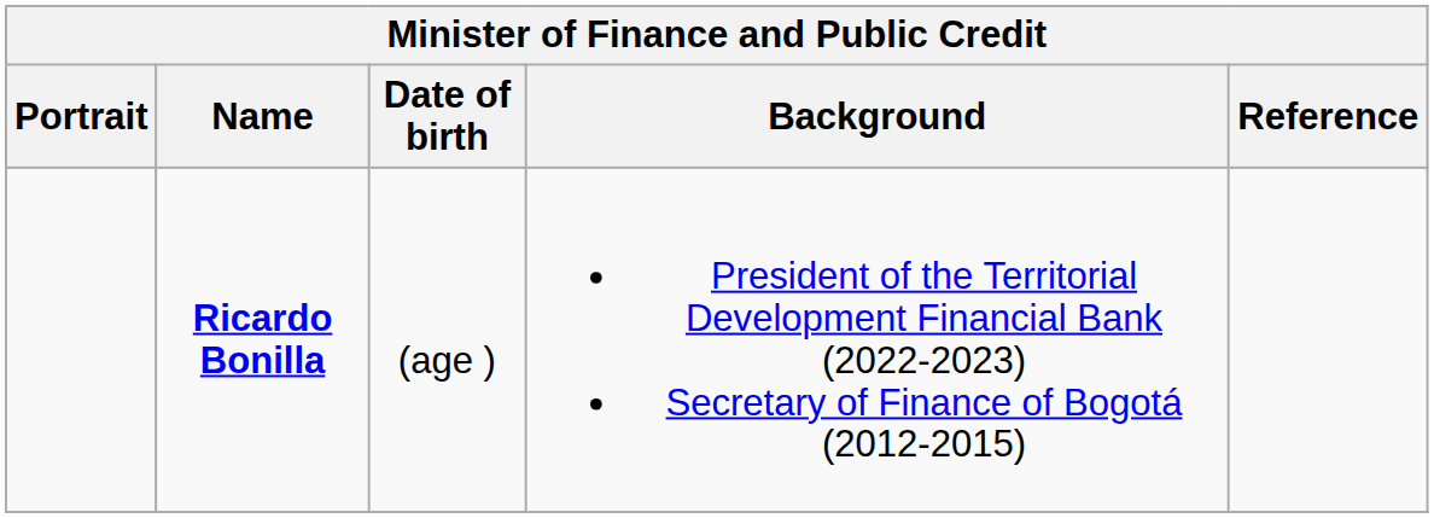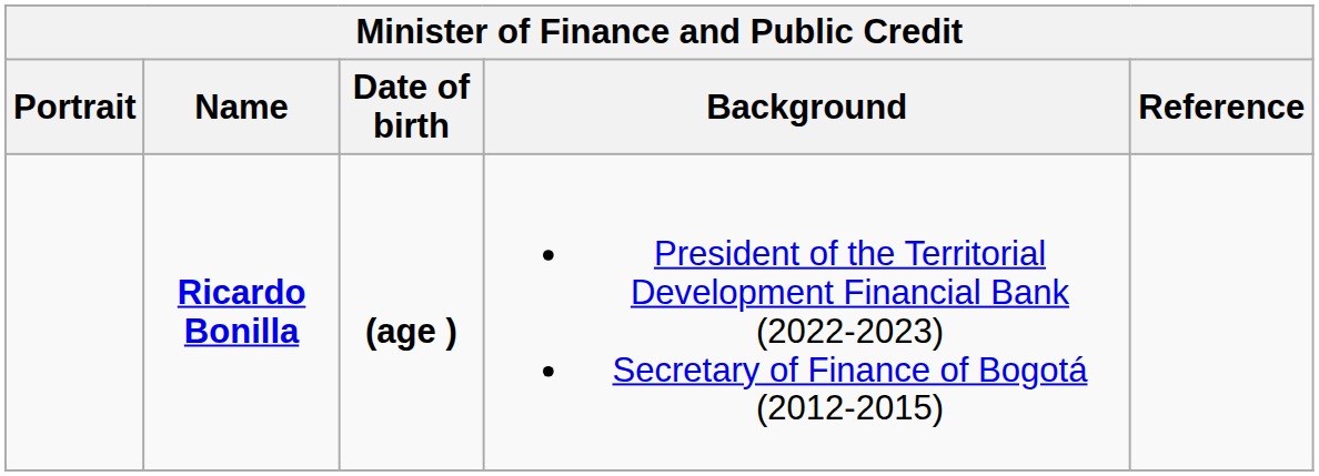 <table class="wikitable collapsible" style="text-align:center;">
 <tr>
 <th colspan="5">Minister of Finance and Public Credit</th>
 </tr>
 <tr>
 <th>Portrait</th>
 <th>Name</th>
 <th>Date of birth</th>
 <th>Background</th>
 <th>Reference</th>
 </tr>
 <tr>
 <td></td>
 <td><strong><a href='#'>Ricardo Bonilla</a></strong></td>
-<td><br>(age )</td>
+<td><strong><br>(age )</strong></td>
 <td><br><ul><li><a href='#'>President of the Territorial Development Financial Bank</a> (2022-2023)</li><li><a href='#'>Secretary of Finance of Bogotá</a> (2012-2015)</li></ul></td>
 <td></td>
 </tr>
 </table>
